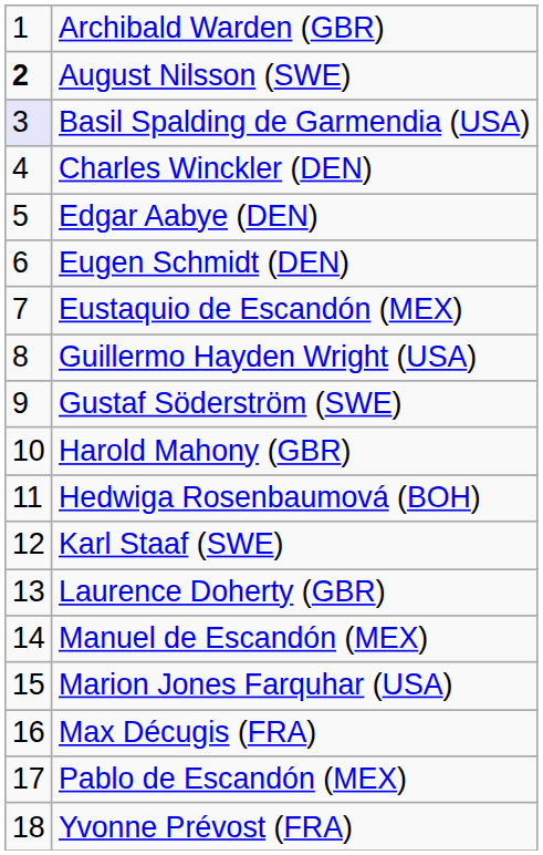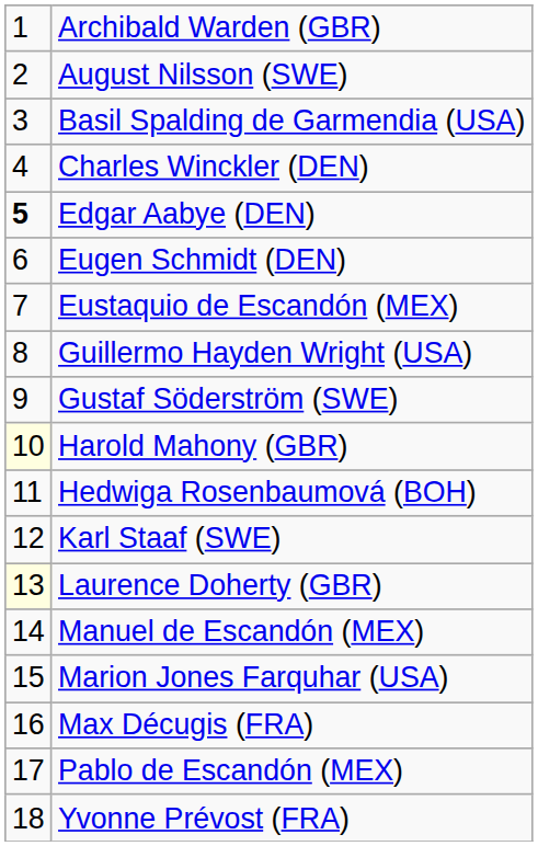 <table class="wikitable">
 <tr>
 <td>1</td>
 <td><a href='#'>Archibald Warden</a> (<a href='#'>GBR</a>)</td>
 </tr>
 <tr>
-<td><strong>2</strong></td>
+<td>2</td>
 <td><a href='#'>August Nilsson</a> (<a href='#'>SWE</a>)</td>
 </tr>
 <tr>
-<td style="background: lavender;">3</td>
+<td>3</td>
 <td><a href='#'>Basil Spalding de Garmendia</a> (<a href='#'>USA</a>)</td>
 </tr>
 <tr>
 <td>4</td>
 <td><a href='#'>Charles Winckler</a> (<a href='#'>DEN</a>)</td>
 </tr>
 <tr>
-<td>5</td>
+<td><strong>5</strong></td>
 <td><a href='#'>Edgar Aabye</a> (<a href='#'>DEN</a>)</td>
 </tr>
 <tr>
 <td>6</td>
 <td><a href='#'>Eugen Schmidt</a> (<a href='#'>DEN</a>)</td>
 </tr>
 <tr>
 <td>7</td>
 <td><a href='#'>Eustaquio de Escandón</a> (<a href='#'>MEX</a>)</td>
 </tr>
 <tr>
 <td>8</td>
 <td><a href='#'>Guillermo Hayden Wright</a> (<a href='#'>USA</a>)</td>
 </tr>
 <tr>
 <td>9</td>
 <td><a href='#'>Gustaf Söderström</a> (<a href='#'>SWE</a>)</td>
 </tr>
 <tr>
-<td>10</td>
+<td style="background: lightyellow;">10</td>
 <td><a href='#'>Harold Mahony</a> (<a href='#'>GBR</a>)</td>
 </tr>
 <tr>
 <td>11</td>
 <td><a href='#'>Hedwiga Rosenbaumová</a> (<a href='#'>BOH</a>)</td>
 </tr>
 <tr>
 <td>12</td>
 <td><a href='#'>Karl Staaf</a> (<a href='#'>SWE</a>)</td>
 </tr>
 <tr>
-<td>13</td>
+<td style="background: lightyellow;">13</td>
 <td><a href='#'>Laurence Doherty</a> (<a href='#'>GBR</a>)</td>
 </tr>
 <tr>
 <td>14</td>
 <td><a href='#'>Manuel de Escandón</a> (<a href='#'>MEX</a>)</td>
 </tr>
 <tr>
 <td>15</td>
 <td><a href='#'>Marion Jones Farquhar</a> (<a href='#'>USA</a>)</td>
 </tr>
 <tr>
 <td>16</td>
 <td><a href='#'>Max Décugis</a> (<a href='#'>FRA</a>)</td>
 </tr>
 <tr>
 <td>17</td>
 <td><a href='#'>Pablo de Escandón</a> (<a href='#'>MEX</a>)</td>
 </tr>
 <tr>
 <td>18</td>
 <td><a href='#'>Yvonne Prévost</a> (<a href='#'>FRA</a>)</td>
 </tr>
 </table>
